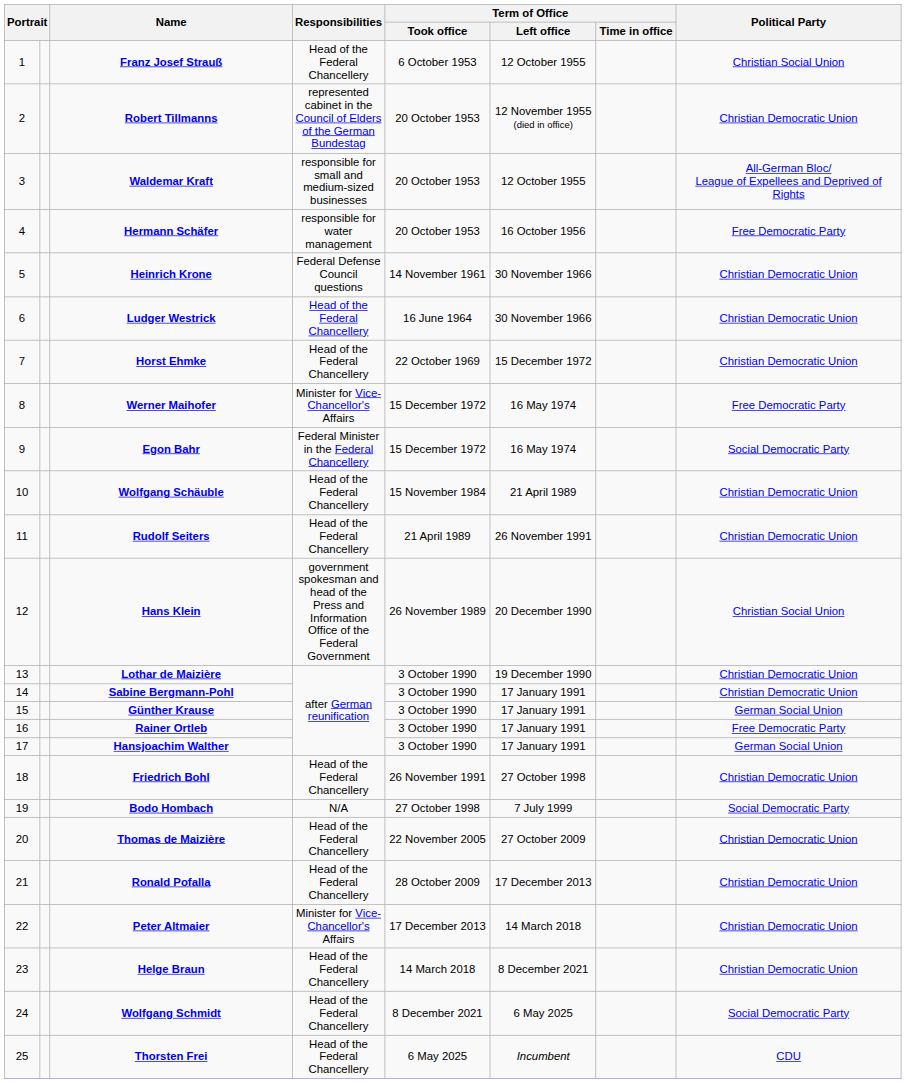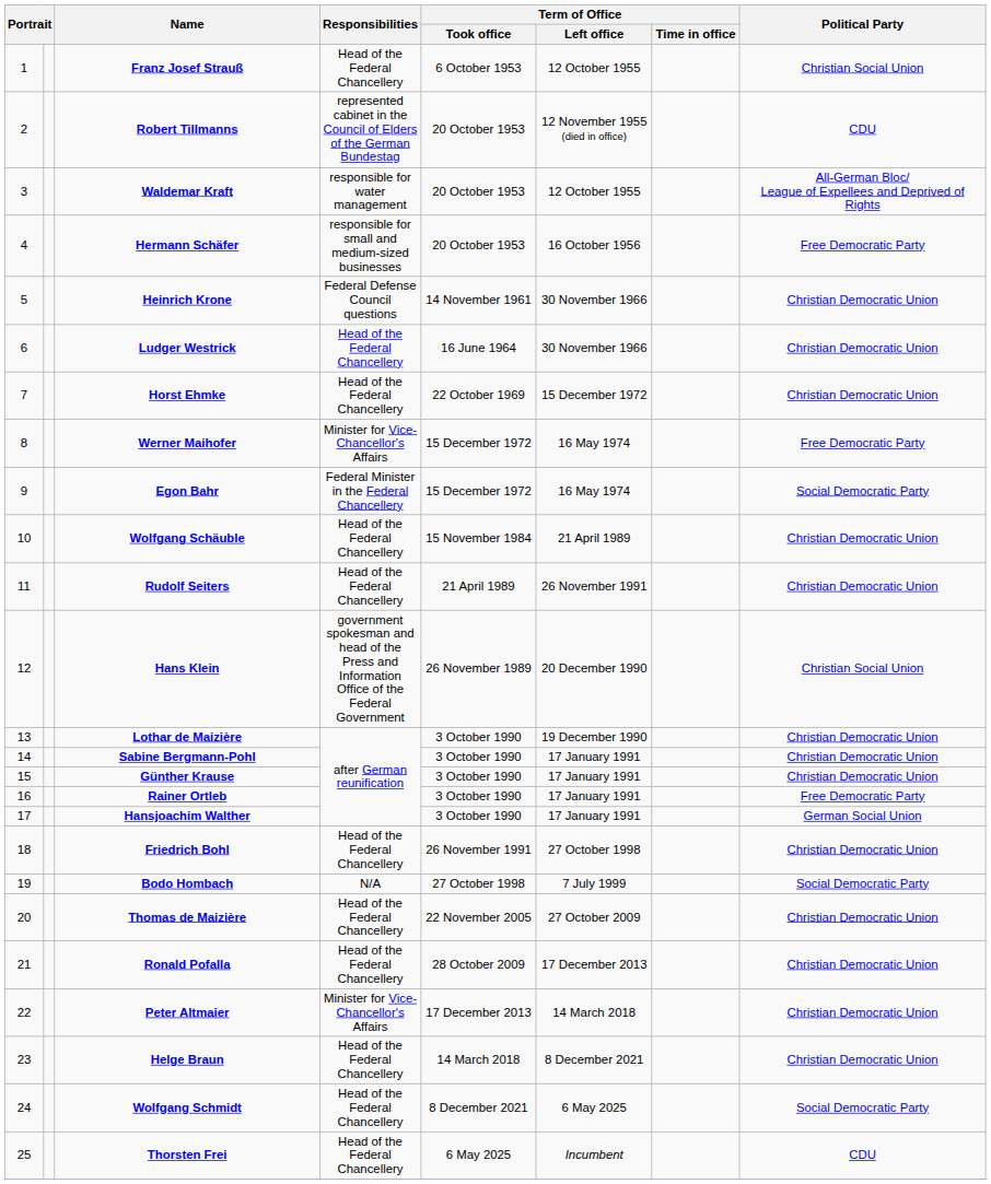 <table class="wikitable" style="text-align:center; width:100%; border:1px #AAAAFF solid">
 <tr>
 <th width=80px rowspan=2 colspan=2>Portrait</th>
 <th width=30% rowspan=2>Name<br></th>
 <th rowspan="2">Responsibilities</th>
 <th colspan="3" width="35%">Term of Office</th>
 <th width=28% rowspan=2>Political Party</th>
 </tr>
 <tr>
 <th>Took office</th>
 <th>Left office</th>
 <th>Time in office</th>
 </tr>
 <tr>
 <td style="background:">1</td>
 <td></td>
 <td><strong><a href='#'>Franz Josef Strauß</a></strong><br></td>
 <td>Head of the Federal Chancellery</td>
 <td>6 October 1953</td>
 <td>12 October 1955</td>
 <td></td>
 <td><a href='#'>Christian Social Union</a></td>
 </tr>
 <tr>
 <td style="background:">2</td>
 <td></td>
 <td><strong><a href='#'>Robert Tillmanns</a></strong><br></td>
 <td>represented cabinet in the <a href='#'>Council of Elders of the German Bundestag</a></td>
 <td>20 October 1953</td>
 <td>12 November 1955<br><small>(died in office)</small></td>
 <td></td>
-<td><a href='#'>Christian Democratic Union</a></td>
+<td><a href='#'>CDU</a></td>
 </tr>
 <tr>
 <td style="background:">3</td>
 <td></td>
 <td><strong><a href='#'>Waldemar Kraft</a></strong><br></td>
-<td>responsible for small and medium-sized businesses</td>
+<td>responsible for water management</td>
 <td>20 October 1953</td>
 <td>12 October 1955</td>
 <td></td>
 <td><a href='#'>All-German Bloc/<br> League of Expellees and Deprived of Rights</a></td>
 </tr>
 <tr>
 <td style="background:">4</td>
 <td></td>
 <td><strong><a href='#'>Hermann Schäfer</a></strong><br></td>
-<td>responsible for water management</td>
+<td>responsible for small and medium-sized businesses</td>
 <td>20 October 1953</td>
 <td>16 October 1956</td>
 <td></td>
 <td><a href='#'>Free Democratic Party</a></td>
 </tr>
 <tr>
 <td style="background:">5</td>
 <td></td>
 <td><strong><a href='#'>Heinrich Krone</a></strong><br></td>
 <td>Federal Defense Council questions</td>
 <td>14 November 1961</td>
 <td>30 November 1966</td>
 <td></td>
 <td><a href='#'>Christian Democratic Union</a></td>
 </tr>
 <tr>
 <td style="background:">6</td>
 <td></td>
 <td><strong><a href='#'>Ludger Westrick</a></strong><br></td>
 <td><a href='#'>Head of the Federal Chancellery</a></td>
 <td>16 June 1964</td>
 <td>30 November 1966</td>
 <td></td>
 <td><a href='#'>Christian Democratic Union</a></td>
 </tr>
 <tr>
 <td style="background:">7</td>
 <td></td>
 <td><strong><a href='#'>Horst Ehmke</a></strong><br></td>
 <td>Head of the Federal Chancellery</td>
 <td>22 October 1969</td>
 <td>15 December 1972</td>
 <td></td>
 <td><a href='#'>Christian Democratic Union</a></td>
 </tr>
 <tr>
 <td style="background:">8</td>
 <td></td>
 <td><strong><a href='#'>Werner Maihofer</a></strong><br></td>
 <td>Minister for <a href='#'>Vice-Chancellor's</a> Affairs</td>
 <td>15 December 1972</td>
 <td>16 May 1974</td>
 <td></td>
 <td><a href='#'>Free Democratic Party</a></td>
 </tr>
 <tr>
 <td style="background:">9</td>
 <td></td>
 <td><strong><a href='#'>Egon Bahr</a></strong><br></td>
 <td>Federal Minister in the <a href='#'>Federal Chancellery</a></td>
 <td>15 December 1972</td>
 <td>16 May 1974</td>
 <td></td>
 <td><a href='#'>Social Democratic Party</a></td>
 </tr>
 <tr>
 <td style="background:">10</td>
 <td></td>
 <td><strong><a href='#'>Wolfgang Schäuble</a></strong><br></td>
 <td>Head of the Federal Chancellery</td>
 <td>15 November 1984</td>
 <td>21 April 1989</td>
 <td></td>
 <td><a href='#'>Christian Democratic Union</a></td>
 </tr>
 <tr>
 <td style="background:">11</td>
 <td></td>
 <td><strong><a href='#'>Rudolf Seiters</a></strong><br></td>
 <td>Head of the Federal Chancellery</td>
 <td>21 April 1989</td>
 <td>26 November 1991</td>
 <td></td>
 <td><a href='#'>Christian Democratic Union</a></td>
 </tr>
 <tr>
 <td style="background:">12</td>
 <td></td>
 <td><strong><a href='#'>Hans Klein</a></strong><br></td>
 <td>government spokesman and head of the Press and Information Office of the Federal Government</td>
 <td>26 November 1989</td>
 <td>20 December 1990</td>
 <td></td>
 <td><a href='#'>Christian Social Union</a></td>
 </tr>
 <tr>
 <td style="background:">13</td>
 <td></td>
 <td><strong><a href='#'>Lothar de Maizière</a></strong><br></td>
 <td rowspan="5">after <a href='#'>German reunification</a></td>
 <td>3 October 1990</td>
 <td>19 December 1990</td>
 <td></td>
 <td><a href='#'>Christian Democratic Union</a></td>
 </tr>
 <tr>
 <td style="background:">14</td>
 <td></td>
 <td><strong><a href='#'>Sabine Bergmann-Pohl</a></strong><br></td>
 <td>3 October 1990</td>
 <td>17 January 1991</td>
 <td></td>
 <td><a href='#'>Christian Democratic Union</a></td>
 </tr>
 <tr>
 <td style="background:">15</td>
 <td></td>
 <td><strong><a href='#'>Günther Krause</a></strong><br></td>
 <td>3 October 1990</td>
 <td>17 January 1991</td>
 <td></td>
-<td><a href='#'>German Social Union</a></td>
+<td><a href='#'>Christian Democratic Union</a></td>
 </tr>
 <tr>
 <td style="background:">16</td>
 <td></td>
 <td><strong><a href='#'>Rainer Ortleb</a></strong><br></td>
 <td>3 October 1990</td>
 <td>17 January 1991</td>
 <td></td>
 <td><a href='#'>Free Democratic Party</a></td>
 </tr>
 <tr>
 <td style="background:">17</td>
 <td></td>
 <td><strong><a href='#'>Hansjoachim Walther</a></strong><br></td>
 <td>3 October 1990</td>
 <td>17 January 1991</td>
 <td></td>
 <td><a href='#'>German Social Union</a></td>
 </tr>
 <tr>
 <td style="background:">18</td>
 <td></td>
 <td><strong><a href='#'>Friedrich Bohl</a></strong><br></td>
 <td>Head of the Federal Chancellery</td>
 <td>26 November 1991</td>
 <td>27 October 1998</td>
 <td></td>
 <td><a href='#'>Christian Democratic Union</a></td>
 </tr>
 <tr>
 <td style="background:">19</td>
 <td></td>
 <td><strong><a href='#'>Bodo Hombach</a></strong><br></td>
 <td>N/A</td>
 <td>27 October 1998</td>
 <td>7 July 1999</td>
 <td></td>
 <td><a href='#'>Social Democratic Party</a></td>
 </tr>
 <tr>
 <td style="background:">20</td>
 <td></td>
 <td><strong><a href='#'>Thomas de Maizière</a></strong><br></td>
 <td>Head of the Federal Chancellery</td>
 <td>22 November 2005</td>
 <td>27 October 2009</td>
 <td></td>
 <td><a href='#'>Christian Democratic Union</a></td>
 </tr>
 <tr>
 <td style="background:">21</td>
 <td></td>
 <td><strong><a href='#'>Ronald Pofalla</a></strong><br></td>
 <td>Head of the Federal Chancellery</td>
 <td>28 October 2009</td>
 <td>17 December 2013</td>
 <td></td>
 <td><a href='#'>Christian Democratic Union</a></td>
 </tr>
 <tr>
 <td style="background:">22</td>
 <td></td>
 <td><strong><a href='#'>Peter Altmaier</a></strong><br></td>
 <td>Minister for <a href='#'>Vice-Chancellor's</a> Affairs</td>
 <td>17 December 2013</td>
 <td>14 March 2018</td>
 <td></td>
 <td><a href='#'>Christian Democratic Union</a></td>
 </tr>
 <tr>
 <td style="background:">23</td>
 <td></td>
 <td><strong><a href='#'>Helge Braun</a></strong><br></td>
 <td>Head of the Federal Chancellery</td>
 <td>14 March 2018</td>
 <td>8 December 2021</td>
 <td></td>
 <td><a href='#'>Christian Democratic Union</a></td>
 </tr>
 <tr>
 <td style="background:">24</td>
 <td></td>
 <td><strong><a href='#'>Wolfgang Schmidt</a></strong><br></td>
 <td>Head of the Federal Chancellery</td>
 <td>8 December 2021</td>
 <td>6 May 2025</td>
 <td></td>
 <td><a href='#'>Social Democratic Party</a></td>
 </tr>
 <tr>
 <td style="background:">25</td>
 <td></td>
 <td><strong><a href='#'>Thorsten Frei</a></strong><br></td>
 <td>Head of the Federal Chancellery</td>
 <td>6 May 2025</td>
 <td><em>Incumbent</em></td>
 <td></td>
 <td><a href='#'>CDU</a></td>
 </tr>
 <tr>
 </tr>
 </table>
